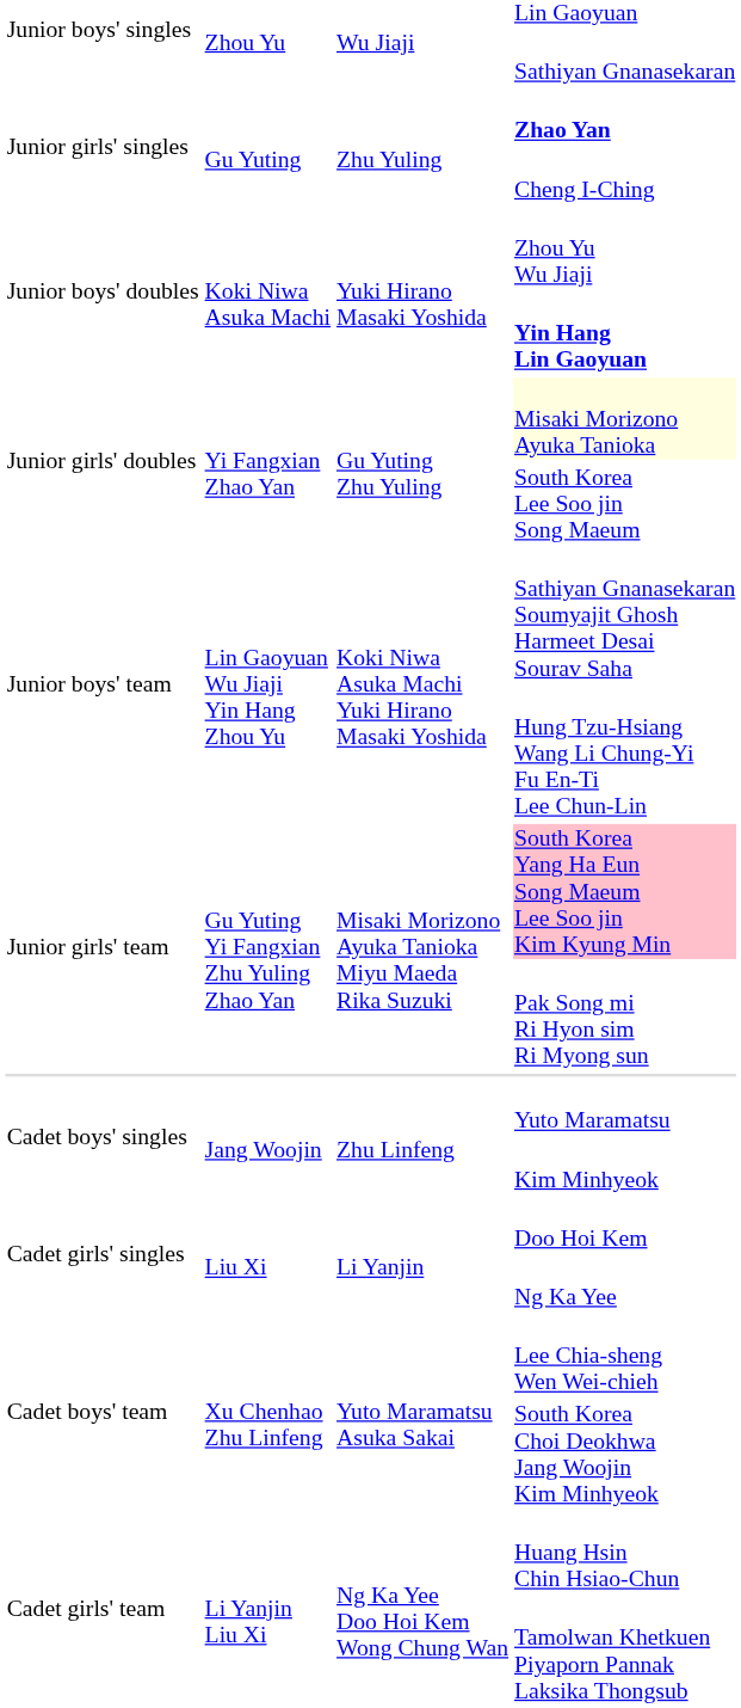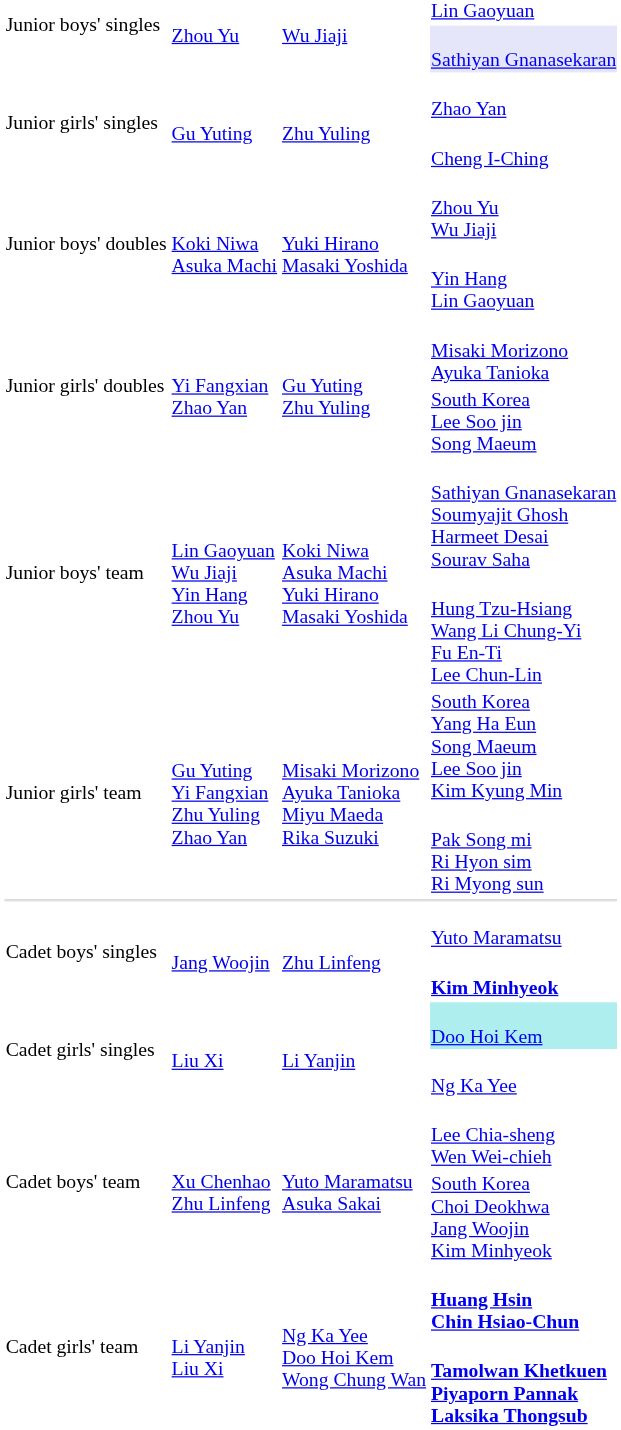 <table>
 <tr>
 <td rowspan=2>Junior boys' singles</td>
 <td rowspan=2><br><a href='#'>Zhou Yu</a></td>
 <td rowspan=2><br><a href='#'>Wu Jiaji</a></td>
 <td><br><a href='#'>Lin Gaoyuan</a></td>
 </tr>
 <tr>
-<td><br><a href='#'>Sathiyan Gnanasekaran</a></td>
+<td style="background: lavender;"><br><a href='#'>Sathiyan Gnanasekaran</a></td>
 </tr>
 <tr>
 <td rowspan=2>Junior girls' singles</td>
 <td rowspan=2><br><a href='#'>Gu Yuting</a></td>
 <td rowspan=2><br><a href='#'>Zhu Yuling</a></td>
-<td><strong><br><a href='#'>Zhao Yan</a></strong></td>
+<td><br><a href='#'>Zhao Yan</a></td>
 </tr>
 <tr>
 <td><br><a href='#'>Cheng I-Ching</a></td>
 </tr>
 <tr>
 <td rowspan=2>Junior boys' doubles</td>
 <td rowspan=2><br><a href='#'>Koki Niwa</a><br><a href='#'>Asuka Machi</a></td>
 <td rowspan=2><br><a href='#'>Yuki Hirano</a><br><a href='#'>Masaki Yoshida</a></td>
 <td><br><a href='#'>Zhou Yu</a><br><a href='#'>Wu Jiaji</a></td>
 </tr>
 <tr>
-<td><strong><br><a href='#'>Yin Hang</a><br><a href='#'>Lin Gaoyuan</a></strong></td>
+<td><br><a href='#'>Yin Hang</a><br><a href='#'>Lin Gaoyuan</a></td>
 </tr>
 <tr>
 <td rowspan=2>Junior girls' doubles</td>
 <td rowspan=2><br><a href='#'>Yi Fangxian</a><br><a href='#'>Zhao Yan</a></td>
 <td rowspan=2><br><a href='#'>Gu Yuting</a><br><a href='#'>Zhu Yuling</a></td>
-<td style="background: lightyellow;"><br><a href='#'>Misaki Morizono</a><br><a href='#'>Ayuka Tanioka</a></td>
+<td><br><a href='#'>Misaki Morizono</a><br><a href='#'>Ayuka Tanioka</a></td>
 </tr>
 <tr>
 <td> <a href='#'>South Korea</a><br><a href='#'>Lee Soo jin</a><br><a href='#'>Song Maeum</a></td>
 </tr>
 <tr>
 <td rowspan=2>Junior boys' team</td>
 <td rowspan=2><br><a href='#'>Lin Gaoyuan</a><br><a href='#'>Wu Jiaji</a><br><a href='#'>Yin Hang</a><br><a href='#'>Zhou Yu</a></td>
 <td rowspan=2><br><a href='#'>Koki Niwa</a><br><a href='#'>Asuka Machi</a><br><a href='#'>Yuki Hirano</a><br><a href='#'>Masaki Yoshida</a></td>
 <td><br><a href='#'>Sathiyan Gnanasekaran</a><br><a href='#'>Soumyajit Ghosh</a><br><a href='#'>Harmeet Desai</a><br><a href='#'>Sourav Saha</a></td>
 </tr>
 <tr>
 <td><br><a href='#'>Hung Tzu-Hsiang</a><br><a href='#'>Wang Li Chung-Yi</a><br><a href='#'>Fu En-Ti</a><br><a href='#'>Lee Chun-Lin</a></td>
 </tr>
 <tr>
 <td rowspan=2>Junior girls' team</td>
 <td rowspan=2><br><a href='#'>Gu Yuting</a><br><a href='#'>Yi Fangxian</a><br><a href='#'>Zhu Yuling</a><br><a href='#'>Zhao Yan</a></td>
 <td rowspan=2><br><a href='#'>Misaki Morizono</a><br><a href='#'>Ayuka Tanioka</a><br><a href='#'>Miyu Maeda</a><br><a href='#'>Rika Suzuki</a></td>
-<td style="background: pink;"> <a href='#'>South Korea</a><br><a href='#'>Yang Ha Eun</a><br><a href='#'>Song Maeum</a><br><a href='#'>Lee Soo jin</a><br><a href='#'>Kim Kyung Min</a></td>
+<td> <a href='#'>South Korea</a><br><a href='#'>Yang Ha Eun</a><br><a href='#'>Song Maeum</a><br><a href='#'>Lee Soo jin</a><br><a href='#'>Kim Kyung Min</a></td>
 </tr>
 <tr>
 <td><br><a href='#'>Pak Song mi</a><br><a href='#'>Ri Hyon sim</a><br><a href='#'>Ri Myong sun</a></td>
 </tr>
 <tr style="background:#dddddd;">
 <td colspan=7></td>
 </tr>
 <tr>
 <td rowspan=2>Cadet boys' singles</td>
 <td rowspan=2><br><a href='#'>Jang Woojin</a></td>
 <td rowspan=2><br><a href='#'>Zhu Linfeng</a></td>
 <td><br><a href='#'>Yuto Maramatsu</a></td>
 </tr>
 <tr>
-<td><br><a href='#'>Kim Minhyeok</a></td>
+<td><strong><br><a href='#'>Kim Minhyeok</a></strong></td>
 </tr>
 <tr>
 <td rowspan=2>Cadet girls' singles</td>
 <td rowspan=2><br><a href='#'>Liu Xi</a></td>
 <td rowspan=2><br><a href='#'>Li Yanjin</a></td>
-<td><br><a href='#'>Doo Hoi Kem</a></td>
+<td style="background: paleturquoise;"><br><a href='#'>Doo Hoi Kem</a></td>
 </tr>
 <tr>
 <td><br><a href='#'>Ng Ka Yee</a></td>
 </tr>
 <tr>
 <td rowspan=2>Cadet boys' team</td>
 <td rowspan=2><br><a href='#'>Xu Chenhao</a><br><a href='#'>Zhu Linfeng</a></td>
 <td rowspan=2><br><a href='#'>Yuto Maramatsu</a><br><a href='#'>Asuka Sakai</a></td>
 <td><br><a href='#'>Lee Chia-sheng</a><br><a href='#'>Wen Wei-chieh</a></td>
 </tr>
 <tr>
 <td> <a href='#'>South Korea</a><br><a href='#'>Choi Deokhwa</a><br><a href='#'>Jang Woojin</a><br><a href='#'>Kim Minhyeok</a></td>
 </tr>
 <tr>
 <td rowspan=2>Cadet girls' team</td>
 <td rowspan=2><br><a href='#'>Li Yanjin</a><br><a href='#'>Liu Xi</a></td>
 <td rowspan=2><br><a href='#'>Ng Ka Yee</a><br><a href='#'>Doo Hoi Kem</a><br><a href='#'>Wong Chung Wan</a></td>
-<td><br><a href='#'>Huang Hsin</a><br><a href='#'>Chin Hsiao-Chun</a></td>
+<td><strong><br><a href='#'>Huang Hsin</a><br><a href='#'>Chin Hsiao-Chun</a></strong></td>
 </tr>
 <tr>
-<td><br><a href='#'>Tamolwan Khetkuen</a><br><a href='#'>Piyaporn Pannak</a><br><a href='#'>Laksika Thongsub</a></td>
+<td><strong><br><a href='#'>Tamolwan Khetkuen</a><br><a href='#'>Piyaporn Pannak</a><br><a href='#'>Laksika Thongsub</a></strong></td>
 </tr>
 </table>
